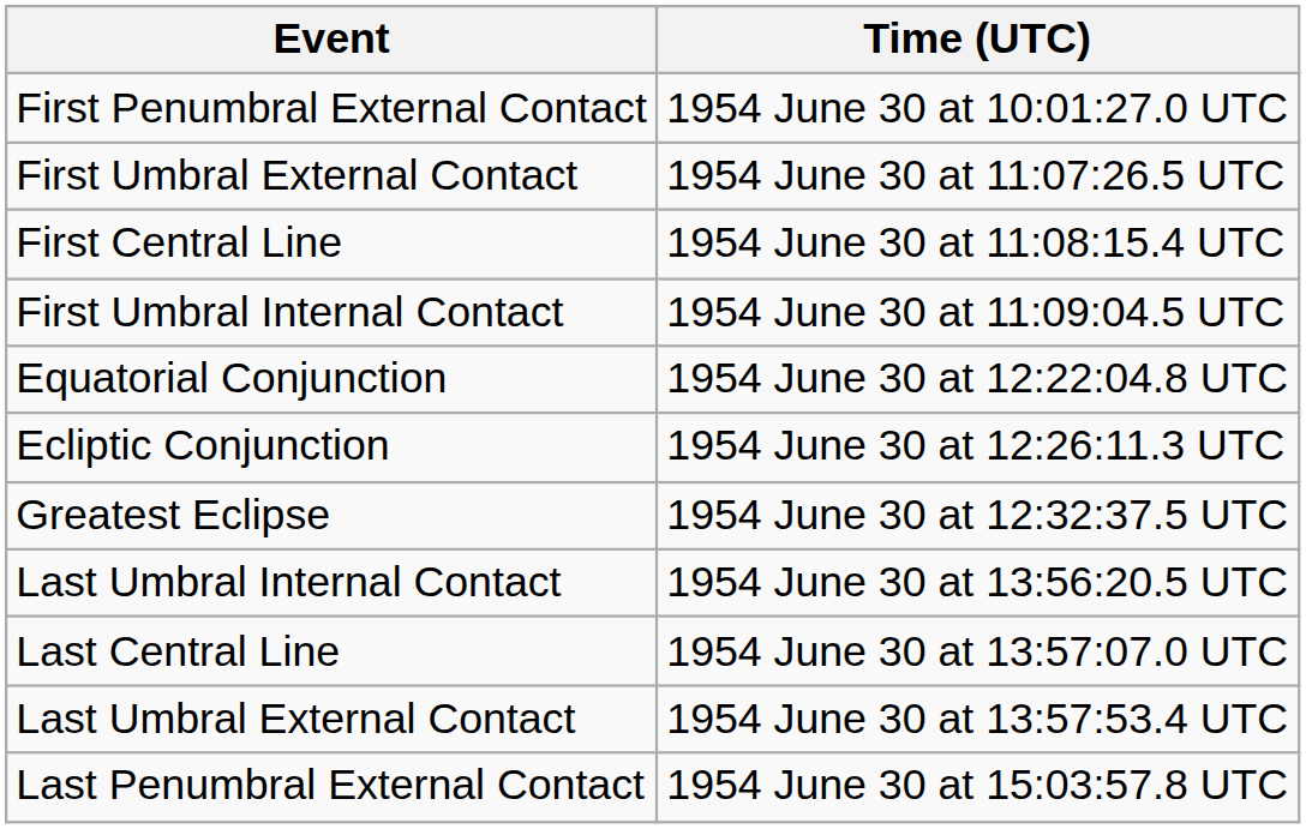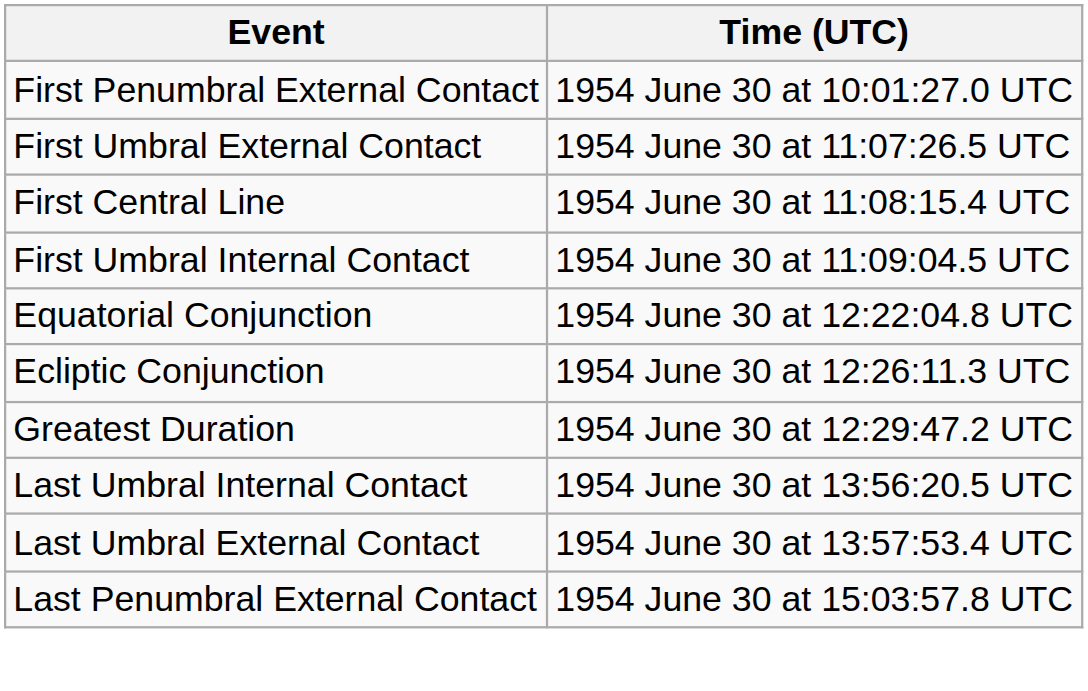 <table class="wikitable">
 <tr>
 <th>Event</th>
 <th>Time (UTC)</th>
 </tr>
 <tr>
 <td>First Penumbral External Contact</td>
 <td>1954 June 30 at 10:01:27.0 UTC</td>
 </tr>
 <tr>
 <td>First Umbral External Contact</td>
 <td>1954 June 30 at 11:07:26.5 UTC</td>
 </tr>
 <tr>
 <td>First Central Line</td>
 <td>1954 June 30 at 11:08:15.4 UTC</td>
 </tr>
 <tr>
 <td>First Umbral Internal Contact</td>
 <td>1954 June 30 at 11:09:04.5 UTC</td>
 </tr>
 <tr>
 <td>Equatorial Conjunction</td>
 <td>1954 June 30 at 12:22:04.8 UTC</td>
 </tr>
 <tr>
 <td>Ecliptic Conjunction</td>
 <td>1954 June 30 at 12:26:11.3 UTC</td>
 </tr>
 <tr>
-<td>Greatest Eclipse</td>
-<td>1954 June 30 at 12:32:37.5 UTC</td>
+<td>Greatest Duration</td>
+<td>1954 June 30 at 12:29:47.2 UTC</td>
 </tr>
 <tr>
 <td>Last Umbral Internal Contact</td>
 <td>1954 June 30 at 13:56:20.5 UTC</td>
-</tr>
-<tr>
-<td>Last Central Line</td>
-<td>1954 June 30 at 13:57:07.0 UTC</td>
 </tr>
 <tr>
 <td>Last Umbral External Contact</td>
 <td>1954 June 30 at 13:57:53.4 UTC</td>
 </tr>
 <tr>
 <td>Last Penumbral External Contact</td>
 <td>1954 June 30 at 15:03:57.8 UTC</td>
 </tr>
 </table>
